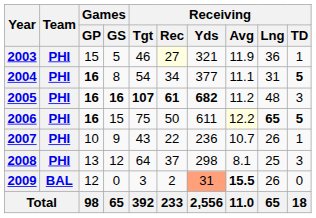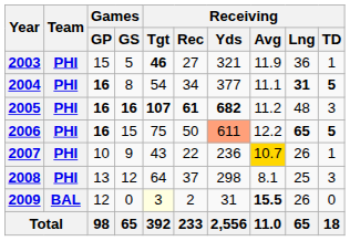 <table class="wikitable" style="text-align:center">
 <tr>
 <th rowspan="2">Year</th>
 <th rowspan="2">Team</th>
 <th colspan="2">Games</th>
 <th colspan="6">Receiving</th>
 </tr>
 <tr>
 <th>GP</th>
 <th>GS</th>
 <th>Tgt</th>
 <th>Rec</th>
 <th>Yds</th>
 <th>Avg</th>
 <th>Lng</th>
 <th>TD</th>
 </tr>
 <tr>
 <th><a href='#'>2003</a></th>
 <th><a href='#'>PHI</a></th>
 <td>15</td>
 <td>5</td>
-<td>46</td>
-<td style="background: lightyellow;">27</td>
+<td><strong>46</strong></td>
+<td>27</td>
 <td>321</td>
 <td>11.9</td>
 <td>36</td>
 <td>1</td>
 </tr>
 <tr>
 <th><a href='#'>2004</a></th>
 <th><a href='#'>PHI</a></th>
 <td><strong>16</strong></td>
 <td>8</td>
 <td>54</td>
 <td>34</td>
 <td>377</td>
 <td>11.1</td>
-<td>31</td>
+<td><strong>31</strong></td>
 <td><strong>5</strong></td>
 </tr>
 <tr>
 <th><a href='#'>2005</a></th>
 <th><a href='#'>PHI</a></th>
 <td><strong>16</strong></td>
 <td><strong>16</strong></td>
 <td><strong>107</strong></td>
 <td><strong>61</strong></td>
 <td><strong>682</strong></td>
 <td>11.2</td>
 <td>48</td>
 <td>3</td>
 </tr>
 <tr>
 <th><a href='#'>2006</a></th>
 <th><a href='#'>PHI</a></th>
 <td><strong>16</strong></td>
 <td>15</td>
 <td>75</td>
 <td>50</td>
-<td>611</td>
-<td style="background: lightyellow;">12.2</td>
+<td style="background: lightsalmon;">611</td>
+<td>12.2</td>
 <td><strong>65</strong></td>
 <td><strong>5</strong></td>
 </tr>
 <tr>
 <th><a href='#'>2007</a></th>
 <th><a href='#'>PHI</a></th>
 <td>10</td>
 <td>9</td>
 <td>43</td>
 <td>22</td>
 <td>236</td>
-<td>10.7</td>
+<td style="background: gold;">10.7</td>
 <td>26</td>
 <td>1</td>
 </tr>
 <tr>
 <th><a href='#'>2008</a></th>
 <th><a href='#'>PHI</a></th>
 <td>13</td>
 <td>12</td>
 <td>64</td>
 <td>37</td>
 <td>298</td>
 <td>8.1</td>
 <td>25</td>
 <td>3</td>
 </tr>
 <tr>
 <th><a href='#'>2009</a></th>
 <th><a href='#'>BAL</a></th>
 <td>12</td>
 <td>0</td>
-<td>3</td>
+<td style="background: lightyellow;">3</td>
 <td>2</td>
-<td style="background: lightsalmon;">31</td>
+<td>31</td>
 <td><strong>15.5</strong></td>
 <td>26</td>
 <td>0</td>
 </tr>
 <tr>
 <th colspan="2">Total</th>
 <th>98</th>
 <th>65</th>
 <th>392</th>
 <th>233</th>
 <th>2,556</th>
 <th>11.0</th>
 <th>65</th>
 <th>18</th>
 </tr>
 </table>
